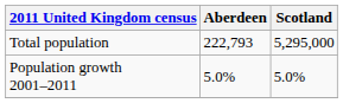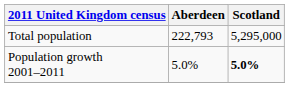 <table class="wikitable floatright" style="margin-left:2em; font-size:95%;" cellspacing="3">
 <tr>
 <th><a href='#'>2011 United Kingdom census</a></th>
 <th>Aberdeen</th>
 <th>Scotland</th>
 </tr>
 <tr>
 <td>Total population</td>
 <td>222,793</td>
 <td>5,295,000</td>
 </tr>
 <tr>
 <td>Population growth<br>2001–2011</td>
 <td>5.0%</td>
-<td>5.0%</td>
+<td><strong>5.0%</strong></td>
 </tr>
 <tr>
 </tr>
 </table>
